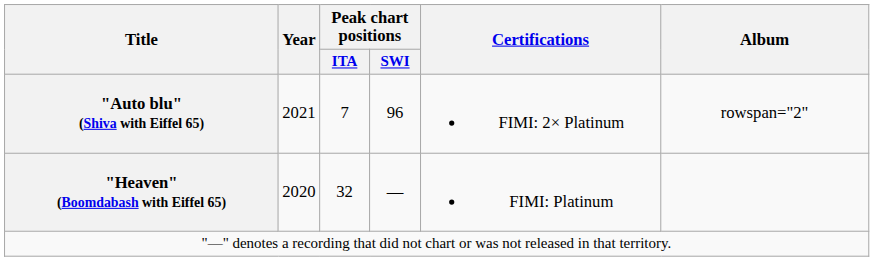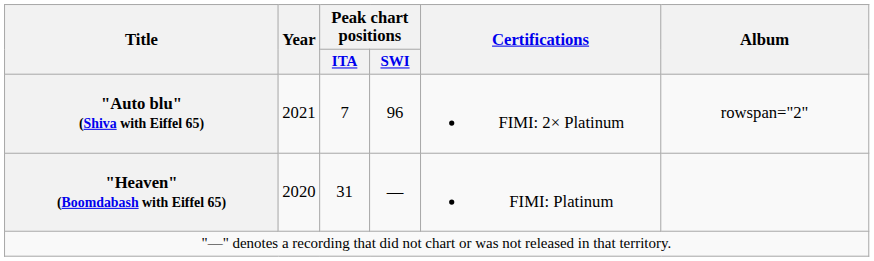 <table class="wikitable plainrowheaders" style="text-align:center;">
 <tr>
 <th scope="col" rowspan="2" style="width:16em;">Title</th>
 <th scope="col" rowspan="2">Year</th>
 <th scope="col" colspan="2">Peak chart positions</th>
 <th scope="col" rowspan="2" style="width:14em;"><a href='#'>Certifications</a></th>
 <th scope="col" rowspan="2" style="width:12em;">Album</th>
 </tr>
 <tr>
 <th scope="col" style="width:2.9em;font-size:90%;"><a href='#'>ITA</a><br></th>
 <th scope="col" style="width:2.9em;font-size:90%;"><a href='#'>SWI</a><br></th>
 </tr>
 <tr>
 <th scope="row">"Auto blu"<br><small>(<a href='#'>Shiva</a> with Eiffel 65)</small></th>
 <td>2021</td>
 <td>7</td>
 <td>96</td>
 <td><br><ul><li>FIMI: 2× Platinum</li></ul></td>
 <td>rowspan="2" </td>
 </tr>
 <tr>
 <th scope="row">"Heaven"<br><small>(<a href='#'>Boomdabash</a> with Eiffel 65)</small></th>
 <td>2020</td>
-<td>32</td>
+<td>31</td>
 <td>—</td>
 <td><br><ul><li>FIMI: Platinum</li></ul></td>
 </tr>
 <tr>
 <td colspan="7" style="font-size:90%">"—" denotes a recording that did not chart or was not released in that territory.</td>
 </tr>
 </table>
